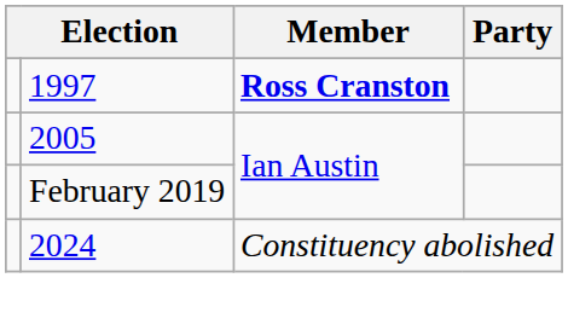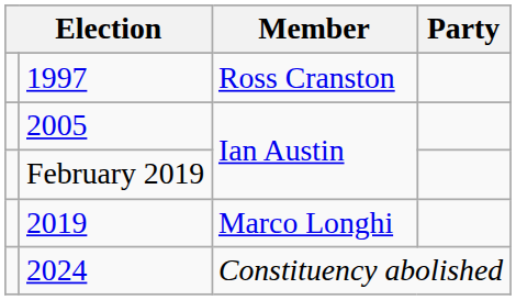 <table class="wikitable">
 <tr>
 <th colspan="2">Election</th>
 <th>Member</th>
 <th>Party</th>
 </tr>
 <tr>
 <td style="color:inherit;background-color: "></td>
 <td><a href='#'>1997</a></td>
-<td><strong><a href='#'>Ross Cranston</a></strong></td>
+<td><a href='#'>Ross Cranston</a></td>
 <td></td>
 </tr>
 <tr>
 <td style="color:inherit;background-color: "></td>
 <td><a href='#'>2005</a></td>
 <td rowspan="2"><a href='#'>Ian Austin</a></td>
 <td></td>
 </tr>
 <tr>
 <td style="color:inherit;background-color: "></td>
 <td>February 2019</td>
 <td></td>
 </tr>
 <tr>
+<td style="color:inherit;background-color: "></td>
+<td><a href='#'>2019</a></td>
+<td><a href='#'>Marco Longhi</a></td>
+<td></td>
+</tr>
+<tr>
 <td></td>
 <td><a href='#'>2024</a></td>
 <td colspan="2"><em>Constituency abolished</em></td>
 </tr>
 </table>
